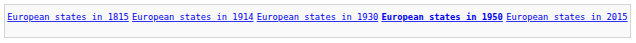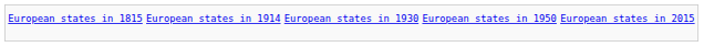 <table style="float:center; clear:left; margin: 10px; border: 1px #CCCCCC solid; background:#F9F9F9">
 <tr>
 <td align="center"></td>
 <td align="center"></td>
 <td align="center"></td>
 <td align="center"></td>
 <td align="center"></td>
 </tr>
 <tr>
 <td align=left><small><a href='#'>European states in 1815</a><br><br> </small></td>
 <td align=left><small><a href='#'>European states in 1914</a><br><br> </small></td>
 <td align=left><small><a href='#'>European states in 1930</a><br><br> </small></td>
-<td align=left><strong><small><a href='#'>European states in 1950</a><br><br> </small></strong></td>
+<td align=left><small><a href='#'>European states in 1950</a><br><br> </small></td>
 <td align=left><small><a href='#'>European states in 2015</a><br><br> </small></td>
 </tr>
 </table>
